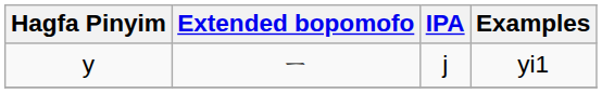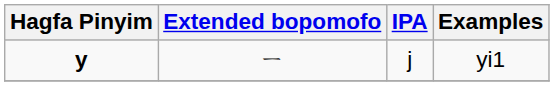 <table class=wikitable border=1>
 <tr>
 <th align=center>Hagfa Pinyim</th>
 <th align=center><a href='#'>Extended bopomofo</a></th>
 <th align=center><a href='#'>IPA</a></th>
 <th align=center>Examples</th>
 </tr>
 <tr>
-<td align=center>y</td>
+<td align=center><strong>y</strong></td>
 <td align=center>ㄧ</td>
 <td align=center>j</td>
 <td align=center>yi1 </td>
 </tr>
 <tr>
 </tr>
 </table>
